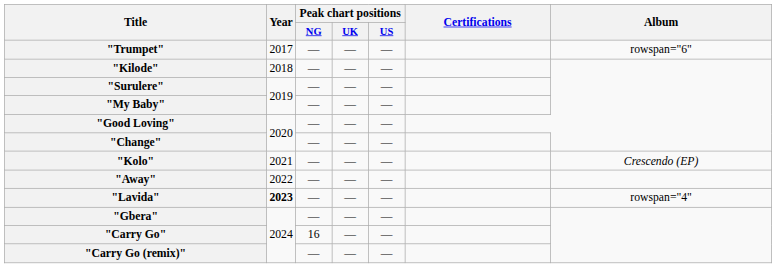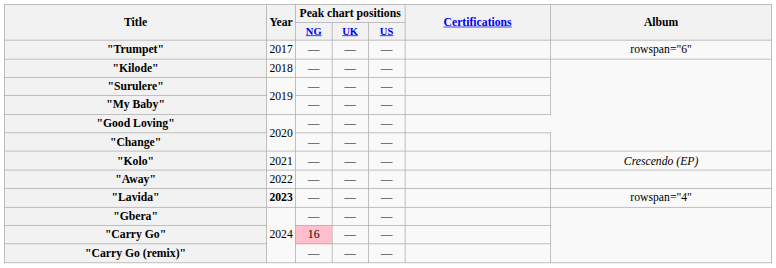 <table class="wikitable plainrowheaders" style="text-align:center;" border="1">
 <tr>
 <th scope="col" rowspan="2" style="width:22em;">Title</th>
 <th scope="col" rowspan="2" style="width:1em;">Year</th>
 <th scope="col" colspan="3">Peak chart positions</th>
 <th scope="col" rowspan="2" style="width:12em;"><a href='#'>Certifications</a></th>
 <th scope="col" rowspan="2" style="width:18.5em;">Album</th>
 </tr>
 <tr>
 <th scope="col" style="width:3em;font-size:90%;"><a href='#'>NG</a><br></th>
 <th scope="col" style="width:3em;font-size:90%;"><a href='#'>UK</a><br></th>
 <th scope="col" style="width:3em;font-size:90%;"><a href='#'>US</a><br></th>
 </tr>
 <tr>
 <th scope="row">"Trumpet"</th>
 <td rowspan="1">2017</td>
 <td>—</td>
 <td>—</td>
 <td>—</td>
 <td></td>
 <td>rowspan="6" </td>
 </tr>
 <tr>
 <th scope="row">"Kilode" </th>
 <td rowspan="1">2018</td>
 <td>—</td>
 <td>—</td>
 <td>—</td>
 <td></td>
 </tr>
 <tr>
 <th scope="row">"Surulere"</th>
 <td rowspan="2">2019</td>
 <td>—</td>
 <td>—</td>
 <td>—</td>
 <td></td>
 </tr>
 <tr>
 <th scope="row">"My Baby"</th>
 <td>—</td>
 <td>—</td>
 <td>—</td>
 <td></td>
 </tr>
 <tr>
 <th scope="row">"Good Loving"</th>
 <td rowspan="2">2020</td>
 <td>—</td>
 <td>—</td>
 <td>—</td>
 </tr>
 <tr>
 <th scope="row">"Change"</th>
 <td>—</td>
 <td>—</td>
 <td>—</td>
 <td></td>
 </tr>
 <tr>
 <th scope="row">"Kolo"</th>
 <td rowspan="1">2021</td>
 <td>—</td>
 <td>—</td>
 <td>—</td>
 <td></td>
 <td><em>Crescendo (EP)</em></td>
 </tr>
 <tr>
 <th scope="row">"Away"</th>
 <td rowspan="1">2022</td>
 <td>—</td>
 <td>—</td>
 <td>—</td>
 <td></td>
 <td></td>
 </tr>
 <tr>
 <th scope="row">"Lavida"</th>
 <td rowspan="1"><strong>2023</strong></td>
 <td>—</td>
 <td>—</td>
 <td>—</td>
 <td></td>
 <td>rowspan="4" </td>
 </tr>
 <tr>
 <th scope="row">"Gbera" </th>
 <td rowspan="3">2024</td>
 <td>—</td>
 <td>—</td>
 <td>—</td>
 <td></td>
 </tr>
 <tr>
 <th scope="row">"Carry Go"</th>
-<td>16</td>
+<td style="background: pink;">16</td>
 <td>—</td>
 <td>—</td>
 <td></td>
 </tr>
 <tr>
 <th scope="row">"Carry Go (remix)" </th>
 <td>—</td>
 <td>—</td>
 <td>—</td>
 <td></td>
 </tr>
 </table>
